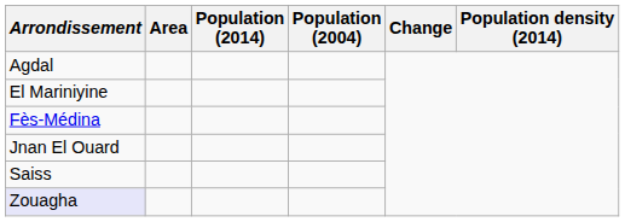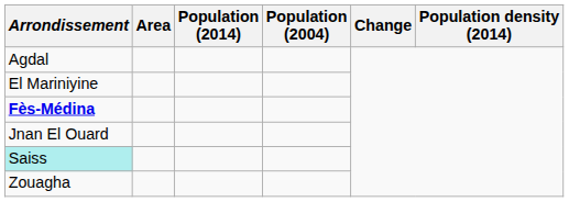 <table class="wikitable sortable">
 <tr bgcolor="#efefef">
 <th><em>Arrondissement</em></th>
 <th>Area</th>
 <th>Population<br>(2014)</th>
 <th>Population<br>(2004)</th>
 <th>Change</th>
 <th>Population density<br>(2014)</th>
 </tr>
 <tr>
 <td>Agdal</td>
 <td></td>
 <td></td>
 <td></td>
 </tr>
 <tr>
 <td>El Mariniyine</td>
 <td></td>
 <td></td>
 <td></td>
 </tr>
 <tr>
-<td><a href='#'>Fès-Médina</a></td>
+<td><strong><a href='#'>Fès-Médina</a></strong></td>
 <td></td>
 <td></td>
 <td></td>
 </tr>
 <tr>
 <td>Jnan El Ouard</td>
 <td></td>
 <td></td>
 <td></td>
 </tr>
 <tr>
-<td>Saiss</td>
+<td style="background: paleturquoise;">Saiss</td>
 <td></td>
 <td></td>
 <td></td>
 </tr>
 <tr>
-<td style="background: lavender;">Zouagha</td>
+<td>Zouagha</td>
 <td></td>
 <td></td>
 <td></td>
 </tr>
 </table>
